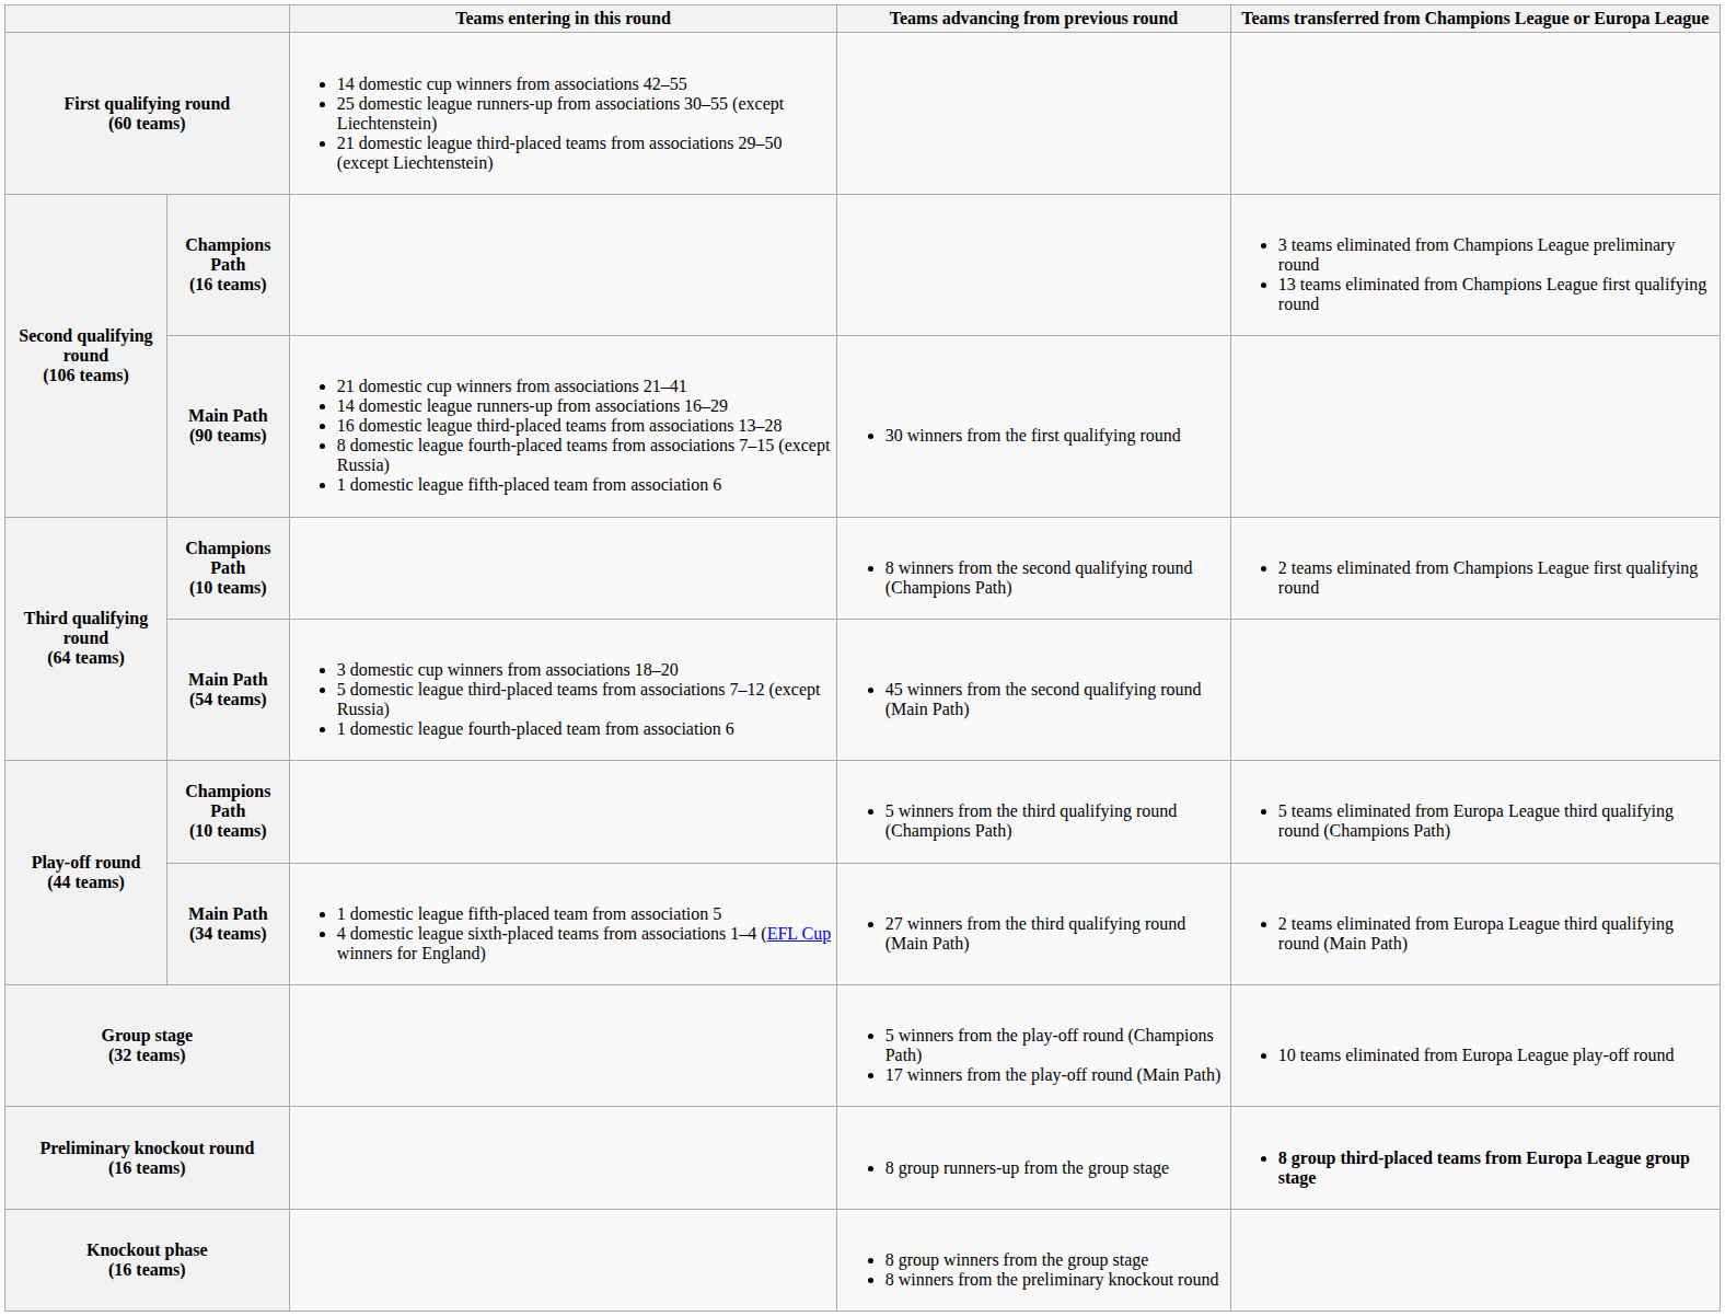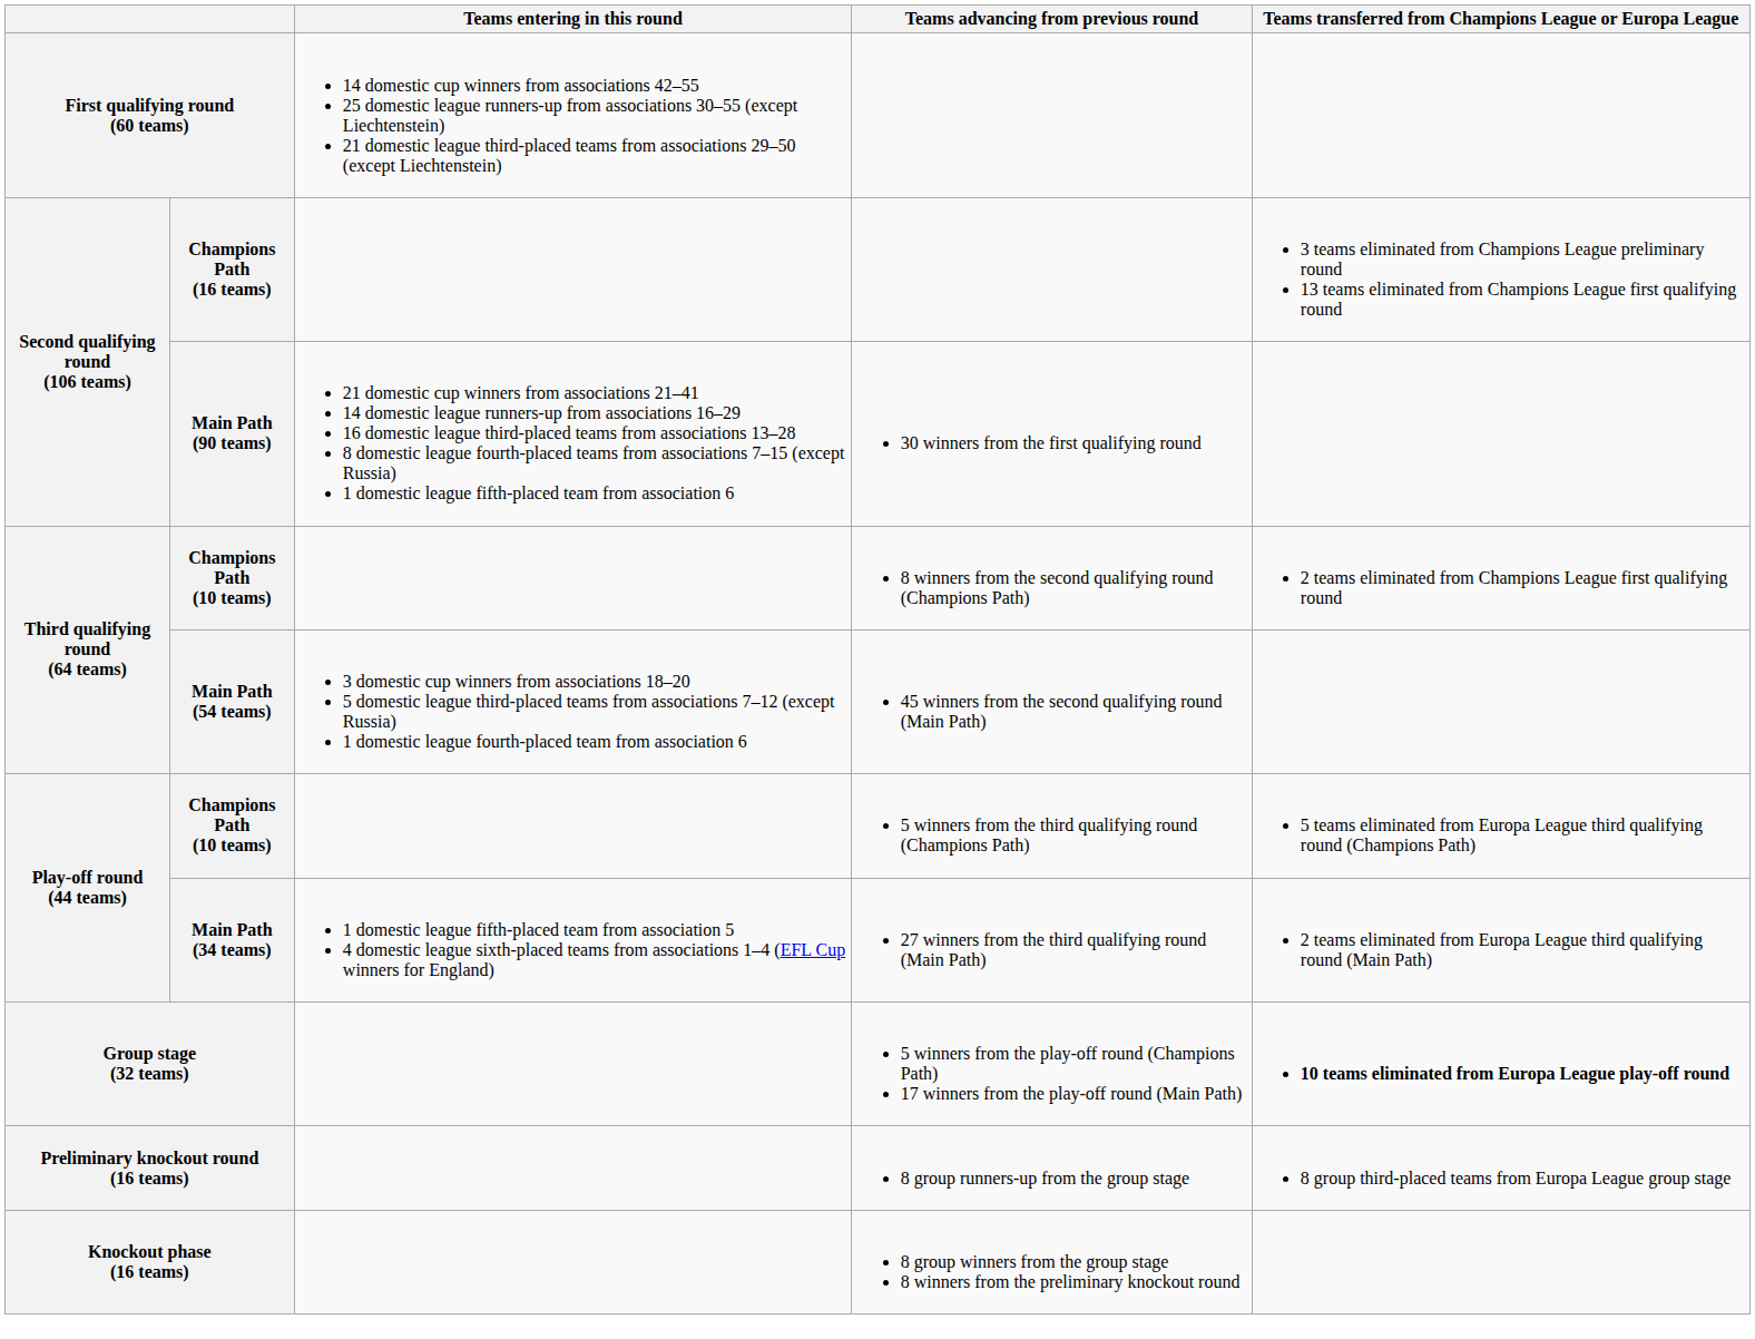 <table class="wikitable">
 <tr>
 <th colspan=2></th>
 <th>Teams entering in this round</th>
 <th>Teams advancing from previous round</th>
 <th>Teams transferred from Champions League or Europa League</th>
 </tr>
 <tr>
 <th colspan=2>First qualifying round<br>(60 teams)</th>
 <td><br><ul><li>14 domestic cup winners from associations 42–55</li><li>25 domestic league runners-up from associations 30–55 (except Liechtenstein)</li><li>21 domestic league third-placed teams from associations 29–50 (except Liechtenstein)</li></ul></td>
 <td></td>
 <td></td>
 </tr>
 <tr>
 <th rowspan=2>Second qualifying round<br>(106 teams)</th>
 <th>Champions Path<br>(16 teams)</th>
 <td></td>
 <td></td>
 <td><br><ul><li>3 teams eliminated from Champions League preliminary round</li><li>13 teams eliminated from Champions League first qualifying round</li></ul></td>
 </tr>
 <tr>
 <th>Main Path<br>(90 teams)</th>
 <td><br><ul><li>21 domestic cup winners from associations 21–41</li><li>14 domestic league runners-up from associations 16–29</li><li>16 domestic league third-placed teams from associations 13–28</li><li>8 domestic league fourth-placed teams from associations 7–15 (except Russia)</li><li>1 domestic league fifth-placed team from association 6</li></ul></td>
 <td><br><ul><li>30 winners from the first qualifying round</li></ul></td>
 <td></td>
 </tr>
 <tr>
 <th rowspan=2>Third qualifying round<br>(64 teams)</th>
 <th>Champions Path<br>(10 teams)</th>
 <td></td>
 <td><br><ul><li>8 winners from the second qualifying round (Champions Path)</li></ul></td>
 <td><br><ul><li>2 teams eliminated from Champions League first qualifying round</li></ul></td>
 </tr>
 <tr>
 <th>Main Path<br>(54 teams)</th>
 <td><br><ul><li>3 domestic cup winners from associations 18–20</li><li>5 domestic league third-placed teams from associations 7–12 (except Russia)</li><li>1 domestic league fourth-placed team from association 6</li></ul></td>
 <td><br><ul><li>45 winners from the second qualifying round (Main Path)</li></ul></td>
 <td></td>
 </tr>
 <tr>
 <th rowspan=2>Play-off round<br>(44 teams)</th>
 <th>Champions Path<br>(10 teams)</th>
 <td></td>
 <td><br><ul><li>5 winners from the third qualifying round (Champions Path)</li></ul></td>
 <td><br><ul><li>5 teams eliminated from Europa League third qualifying round (Champions Path)</li></ul></td>
 </tr>
 <tr>
 <th>Main Path<br>(34 teams)</th>
 <td><br><ul><li>1 domestic league fifth-placed team from association 5</li><li>4 domestic league sixth-placed teams from associations 1–4 (<a href='#'>EFL Cup</a> winners for England)</li></ul></td>
 <td><br><ul><li>27 winners from the third qualifying round (Main Path)</li></ul></td>
 <td><br><ul><li>2 teams eliminated from Europa League third qualifying round (Main Path)</li></ul></td>
 </tr>
 <tr>
 <th colspan=2>Group stage<br>(32 teams)</th>
 <td></td>
 <td><br><ul><li>5 winners from the play-off round (Champions Path)</li><li>17 winners from the play-off round (Main Path)</li></ul></td>
-<td><br><ul><li>10 teams eliminated from Europa League play-off round</li></ul></td>
+<td><strong><br><ul><li>10 teams eliminated from Europa League play-off round</li></ul></strong></td>
 </tr>
 <tr>
 <th colspan=2>Preliminary knockout round<br>(16 teams)</th>
 <td></td>
 <td><br><ul><li>8 group runners-up from the group stage</li></ul></td>
-<td><strong><br><ul><li>8 group third-placed teams from Europa League group stage</li></ul></strong></td>
+<td><br><ul><li>8 group third-placed teams from Europa League group stage</li></ul></td>
 </tr>
 <tr>
 <th colspan=2>Knockout phase<br>(16 teams)</th>
 <td></td>
 <td><br><ul><li>8 group winners from the group stage</li><li>8 winners from the preliminary knockout round</li></ul></td>
 <td></td>
 </tr>
 </table>
